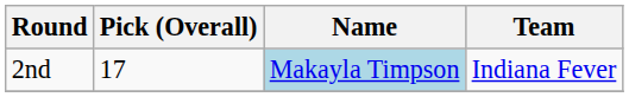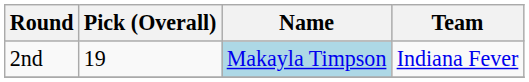 <table class="wikitable" style="font-size: 95%;">
 <tr>
 <th>Round</th>
 <th>Pick (Overall)</th>
 <th>Name</th>
 <th>Team</th>
 </tr>
 <tr>
 <td>2nd</td>
-<td>17</td>
+<td>19</td>
 <td style="background: lightblue;"><a href='#'>Makayla Timpson</a></td>
 <td><a href='#'>Indiana Fever</a></td>
 </tr>
 <tr>
 </tr>
 </table>
